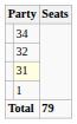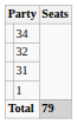 <table class="wikitable">
 <tr>
 <th colspan=2>Party</th>
 <th>Seats</th>
 </tr>
 <tr>
 <td></td>
 <td>34</td>
 </tr>
 <tr>
 <td></td>
 <td>32</td>
 </tr>
 <tr>
 <td></td>
-<td style="background: lightyellow;">31</td>
+<td>31</td>
 </tr>
 <tr>
 <td></td>
 <td>1</td>
 </tr>
 <tr>
 <td colspan="2"><strong>Total</strong></td>
-<td><strong>79</strong></td>
+<td style="background: lightgrey;"><strong>79</strong></td>
 </tr>
 </table>
